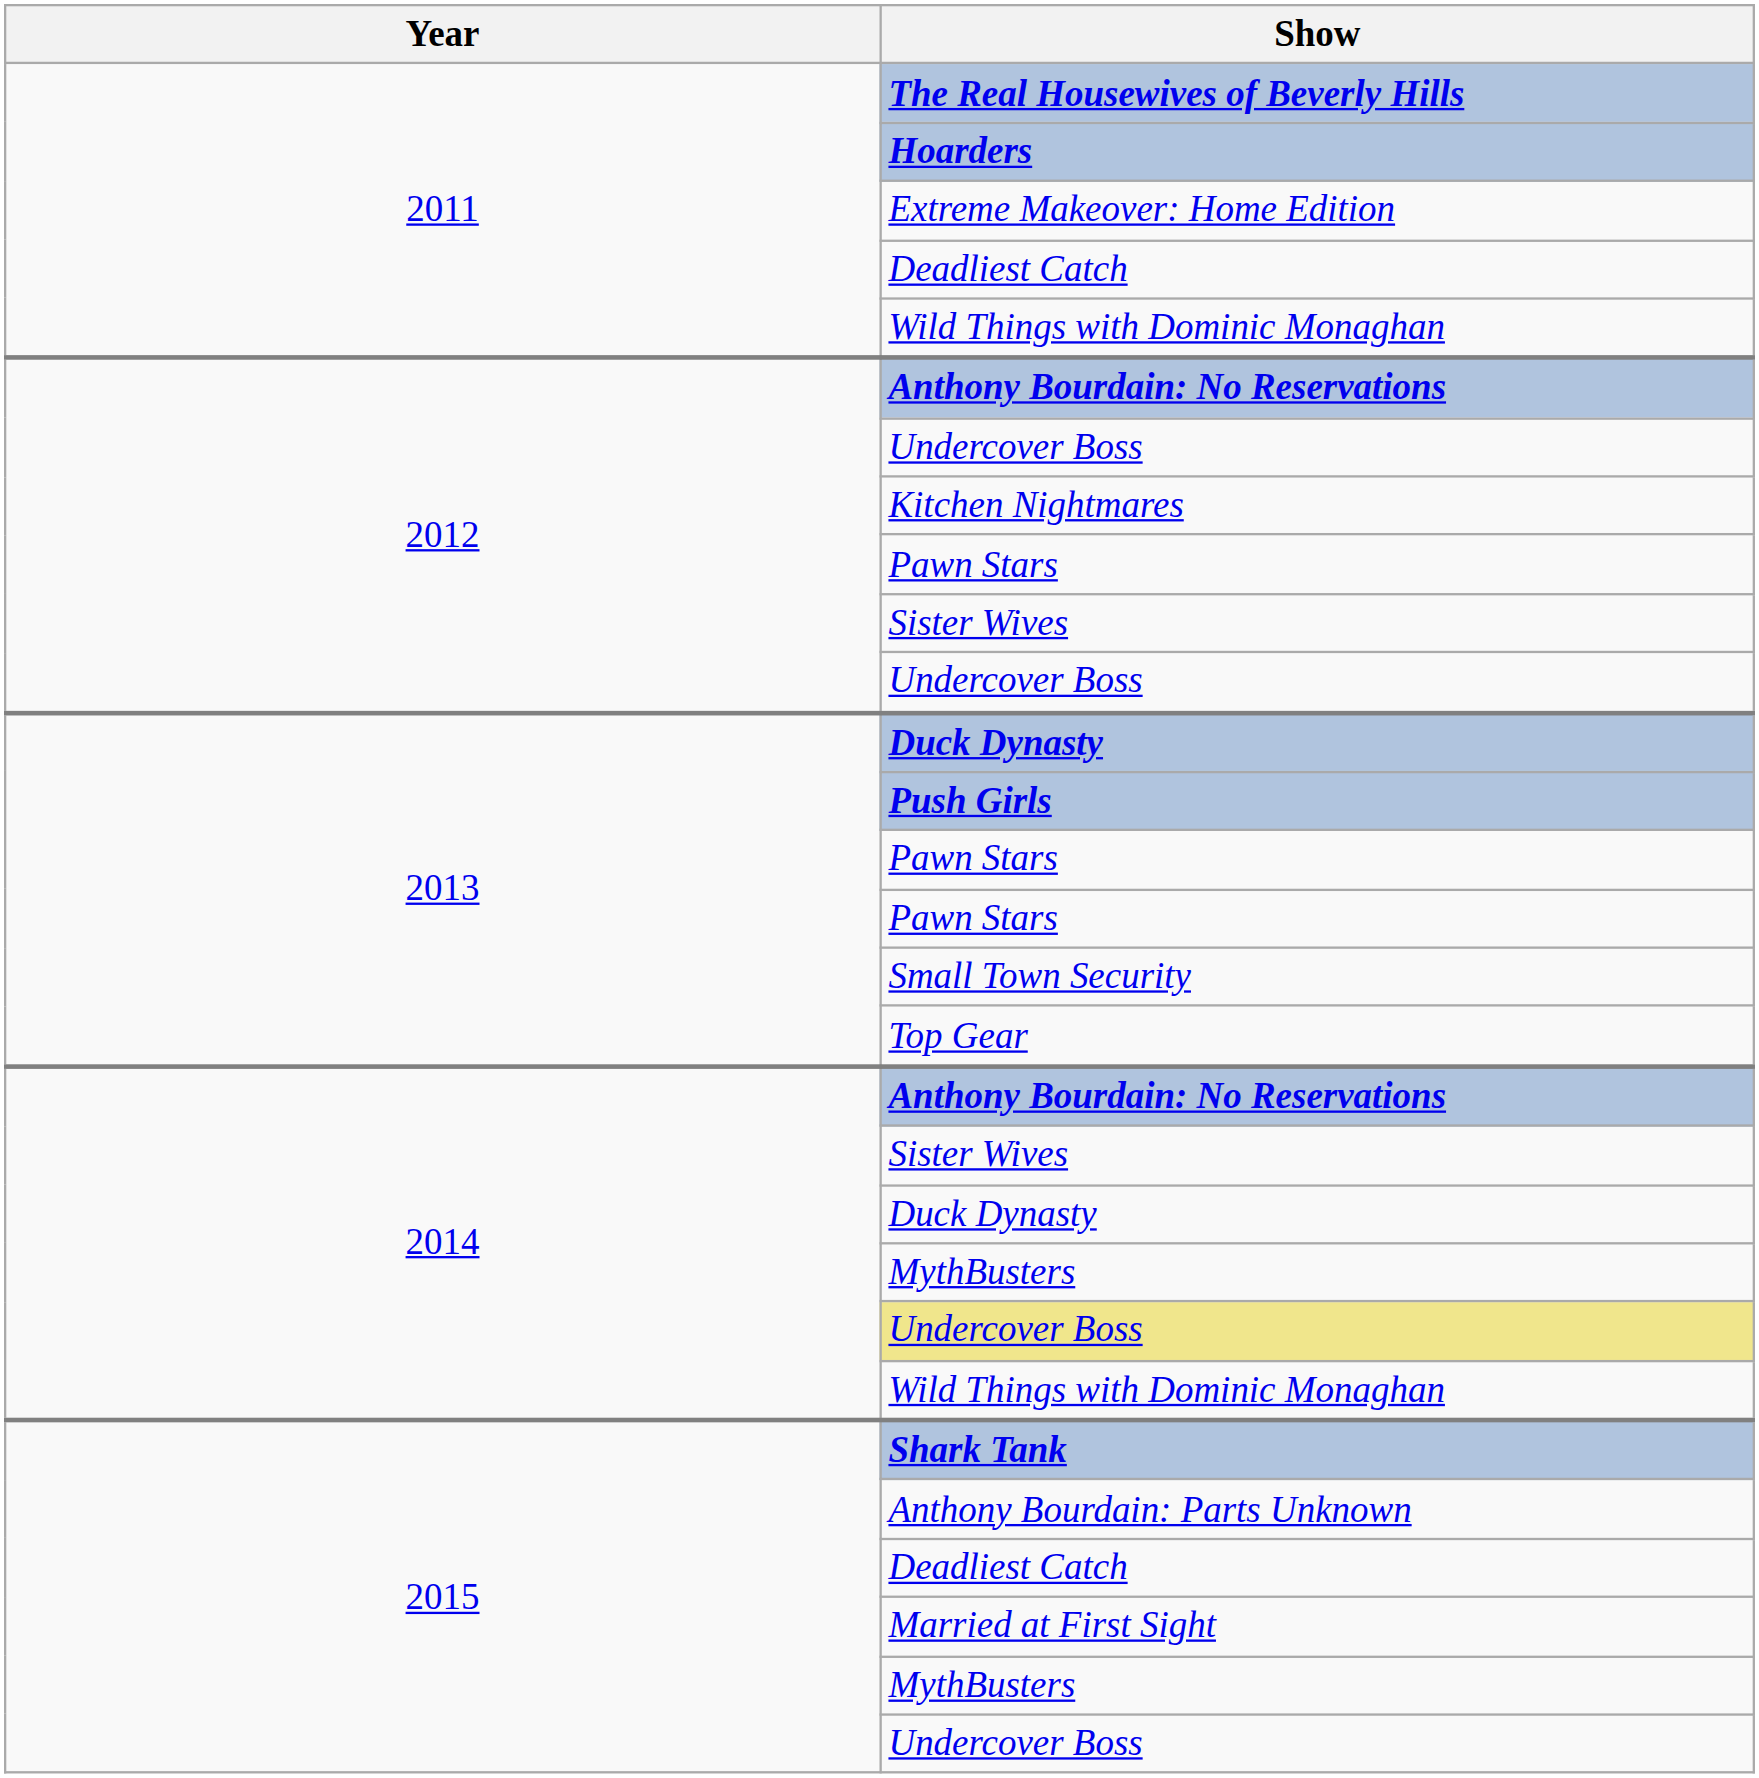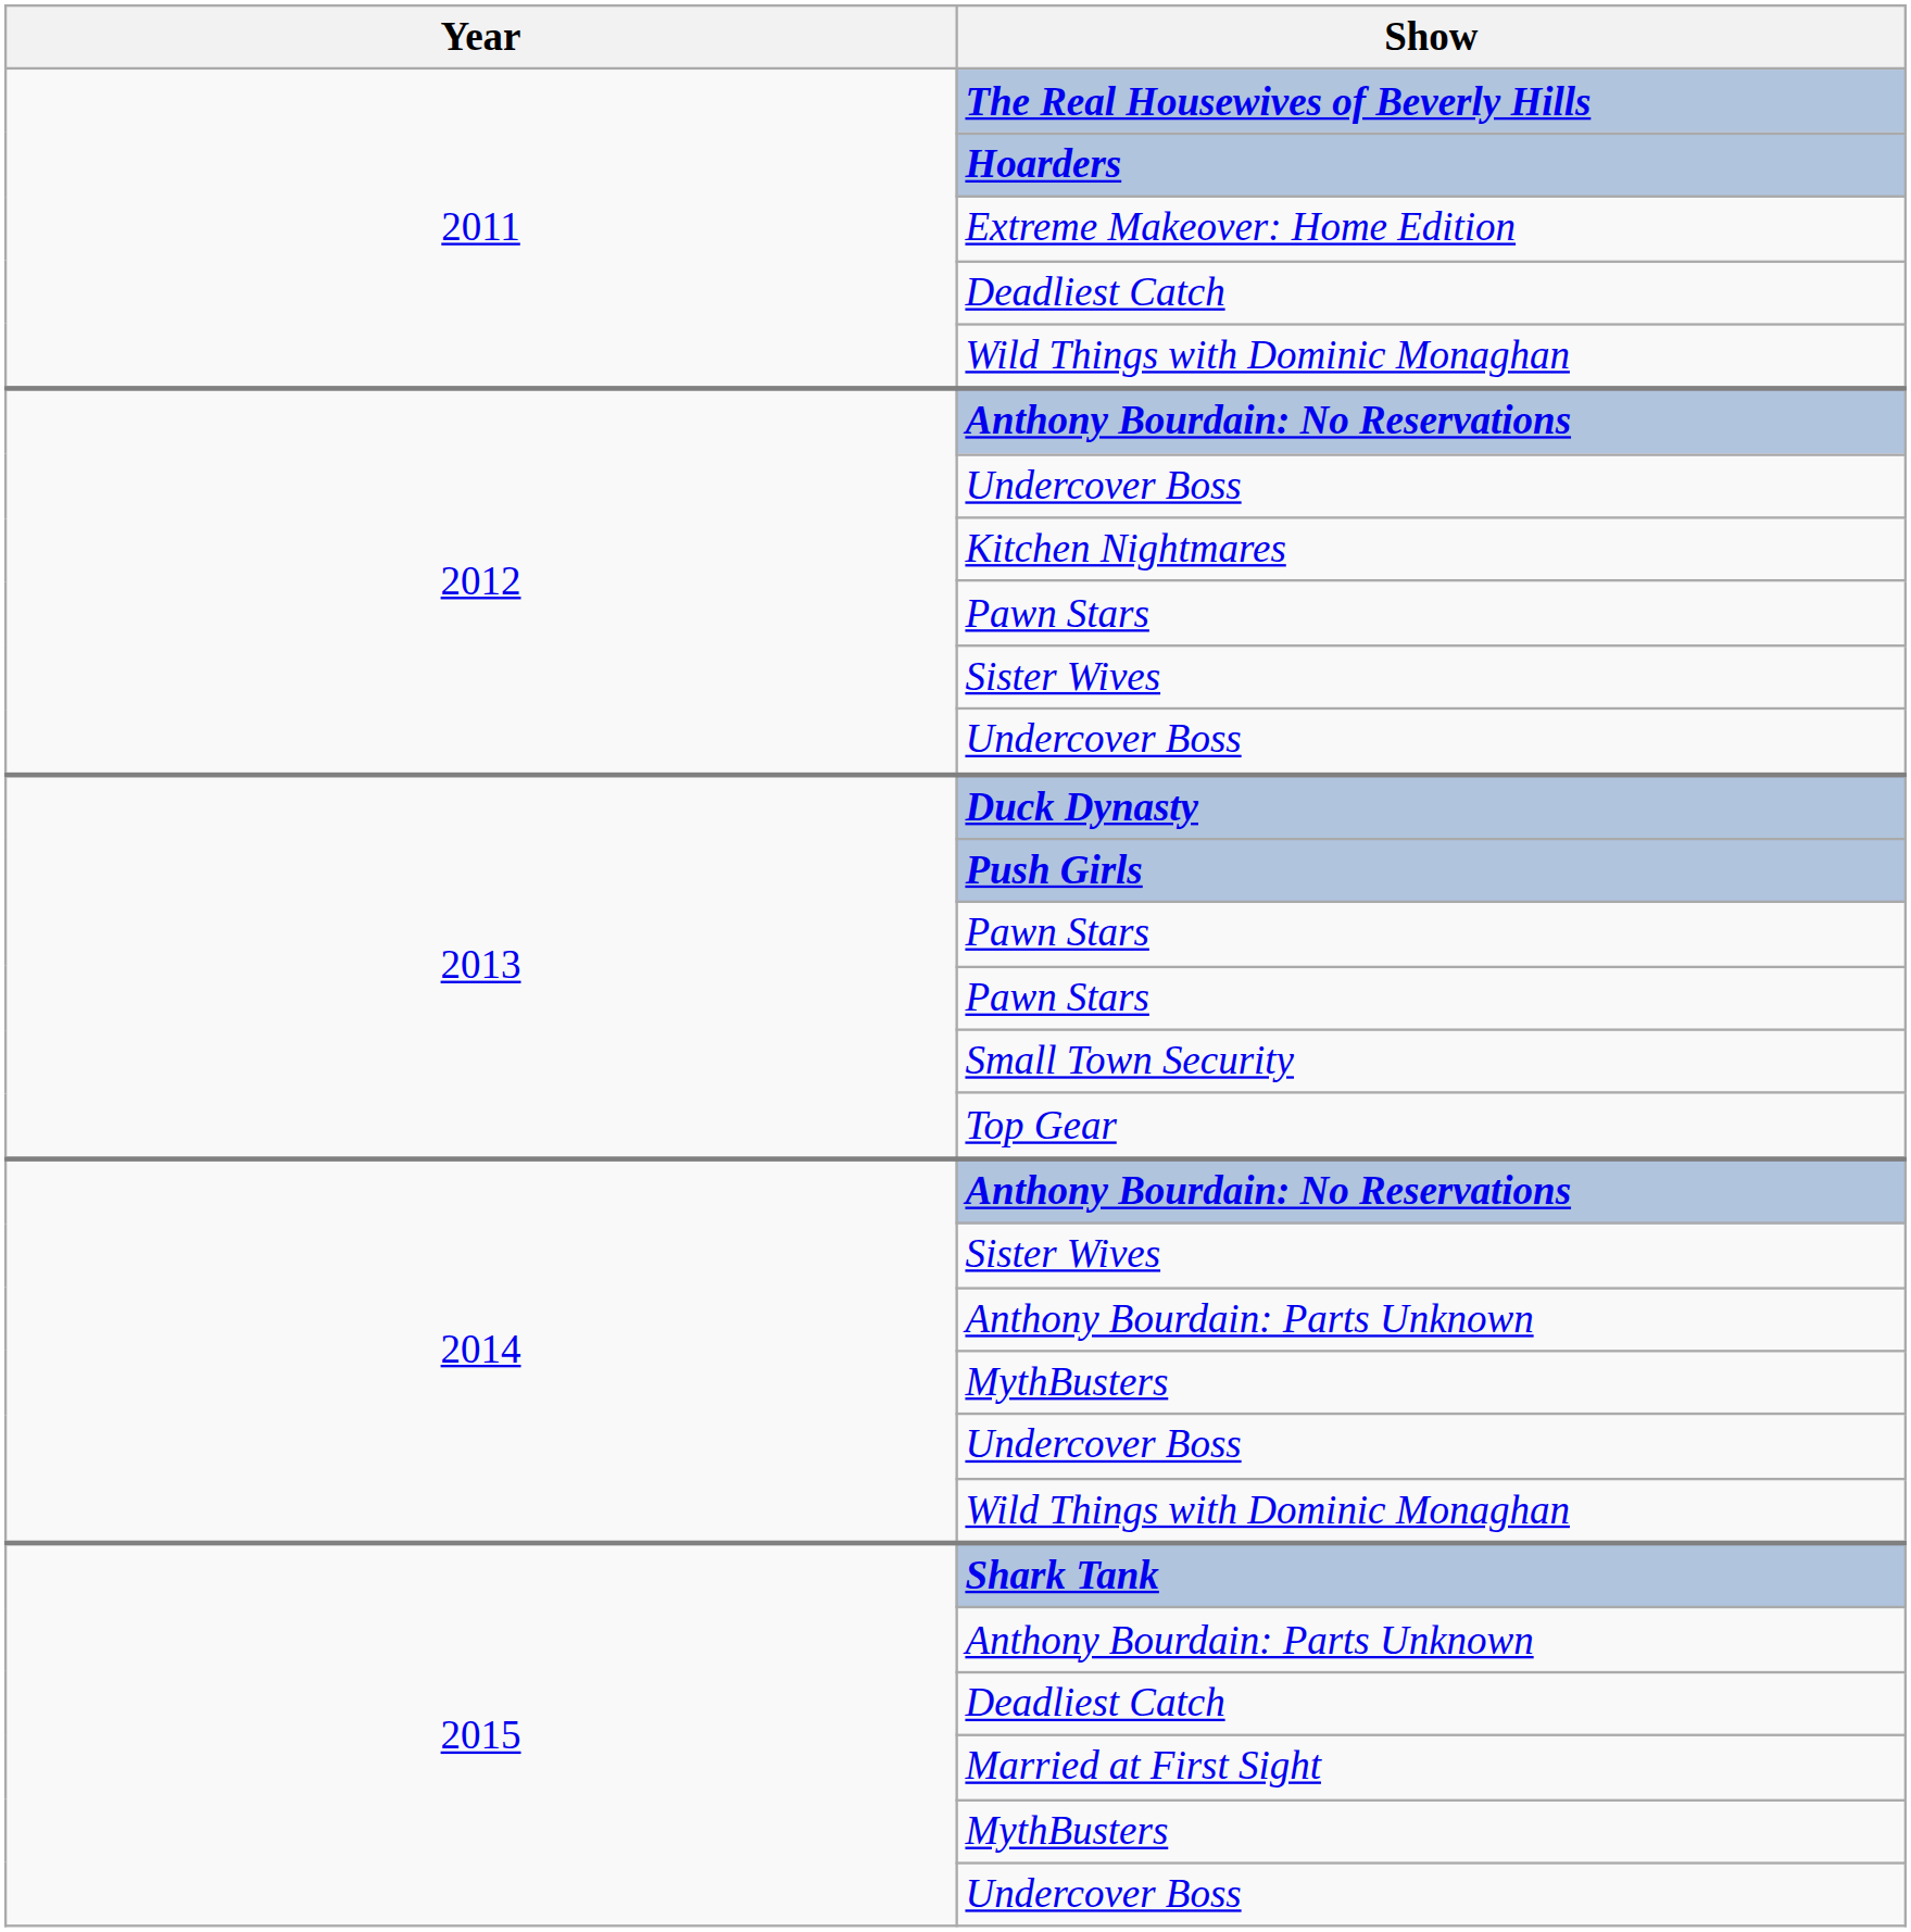 <table class="wikitable" width="60%" cellpadding="5">
 <tr>
 <th width="100"><strong>Year</strong></th>
 <th width="100"><strong>Show</strong></th>
 </tr>
 <tr>
 <td rowspan="5" style="text-align:center;"><a href='#'>2011</a></td>
 <td style="background:#B0C4DE;"><strong><em><a href='#'>The Real Housewives of Beverly Hills</a></em></strong></td>
 </tr>
 <tr>
 <td style="background:#B0C4DE;"><strong><em><a href='#'>Hoarders</a></em></strong></td>
 </tr>
 <tr>
 <td><em><a href='#'>Extreme Makeover: Home Edition</a></em></td>
 </tr>
 <tr>
 <td><em><a href='#'>Deadliest Catch</a></em></td>
 </tr>
 <tr>
 <td><em><a href='#'>Wild Things with Dominic Monaghan</a></em></td>
 </tr>
 <tr style="border-top:2px solid gray;">
 <td rowspan="6" style="text-align:center;"><a href='#'>2012</a></td>
 <td style="background:#B0C4DE;"><strong><em><a href='#'>Anthony Bourdain: No Reservations</a></em></strong></td>
 </tr>
 <tr>
 <td><em><a href='#'>Undercover Boss</a></em></td>
 </tr>
 <tr>
 <td><em><a href='#'>Kitchen Nightmares</a></em></td>
 </tr>
 <tr>
 <td><em><a href='#'>Pawn Stars</a></em></td>
 </tr>
 <tr>
 <td><em><a href='#'>Sister Wives</a></em></td>
 </tr>
 <tr>
 <td><em><a href='#'>Undercover Boss</a></em></td>
 </tr>
 <tr style = "border-top:2px solid gray;">
 <td rowspan="6" style="text-align:center;"><a href='#'>2013</a></td>
 <td style="background:#B0C4DE;"><strong><em><a href='#'>Duck Dynasty</a></em></strong></td>
 </tr>
 <tr>
 <td style="background:#B0C4DE;"><strong><em><a href='#'>Push Girls</a></em></strong></td>
 </tr>
 <tr>
 <td><em><a href='#'>Pawn Stars</a></em></td>
 </tr>
 <tr>
 <td><em><a href='#'>Pawn Stars</a></em></td>
 </tr>
 <tr>
 <td><em><a href='#'>Small Town Security</a></em></td>
 </tr>
 <tr>
 <td><em><a href='#'>Top Gear</a></em></td>
 </tr>
 <tr style = "border-top:2px solid gray;">
 <td rowspan="6" style="text-align:center;"><a href='#'>2014</a></td>
 <td style="background:#B0C4DE;"><strong><em><a href='#'>Anthony Bourdain: No Reservations</a></em></strong></td>
 </tr>
 <tr>
 <td><em><a href='#'>Sister Wives</a></em></td>
 </tr>
 <tr>
-<td><em><a href='#'>Duck Dynasty</a></em></td>
+<td><em><a href='#'>Anthony Bourdain: Parts Unknown</a></em></td>
 </tr>
 <tr>
 <td><em><a href='#'>MythBusters</a></em></td>
 </tr>
 <tr>
-<td style="background: khaki;"><em><a href='#'>Undercover Boss</a></em></td>
+<td><em><a href='#'>Undercover Boss</a></em></td>
 </tr>
 <tr>
 <td><em><a href='#'>Wild Things with Dominic Monaghan</a></em></td>
 </tr>
 <tr style = "border-top:2px solid gray;">
 <td rowspan="6" style="text-align:center;"><a href='#'>2015</a></td>
 <td style="background:#B0C4DE;"><strong><em><a href='#'>Shark Tank</a></em></strong></td>
 </tr>
 <tr>
 <td><em><a href='#'>Anthony Bourdain: Parts Unknown</a></em></td>
 </tr>
 <tr>
 <td><em><a href='#'>Deadliest Catch</a></em></td>
 </tr>
 <tr>
 <td><em><a href='#'>Married at First Sight</a></em></td>
 </tr>
 <tr>
 <td><em><a href='#'>MythBusters</a></em></td>
 </tr>
 <tr>
 <td><em><a href='#'>Undercover Boss</a></em></td>
 </tr>
 </table>
